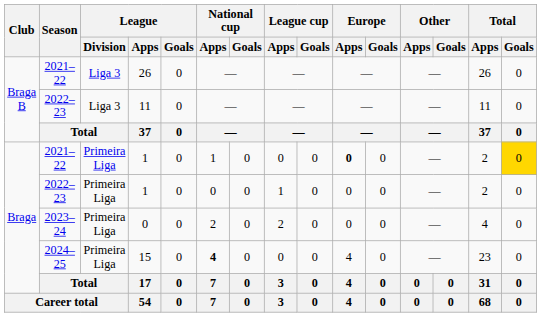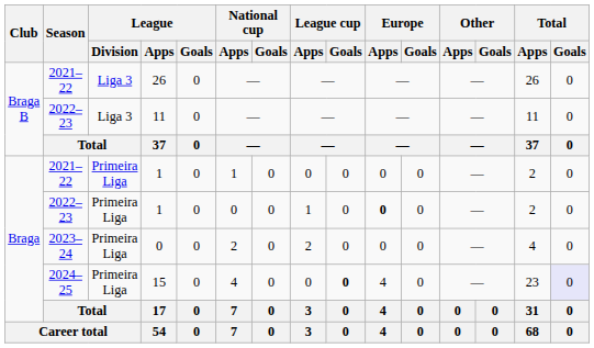 <table class="wikitable" style="text-align:center">
 <tr>
 <th rowspan="2">Club</th>
 <th rowspan="2">Season</th>
 <th colspan="3">League</th>
 <th colspan="2">National cup</th>
 <th colspan="2">League cup</th>
 <th colspan="2">Europe</th>
 <th colspan="2">Other</th>
 <th colspan="2">Total</th>
 </tr>
 <tr>
 <th>Division</th>
 <th>Apps</th>
 <th>Goals</th>
 <th>Apps</th>
 <th>Goals</th>
 <th>Apps</th>
 <th>Goals</th>
 <th>Apps</th>
 <th>Goals</th>
 <th>Apps</th>
 <th>Goals</th>
 <th>Apps</th>
 <th>Goals</th>
 </tr>
 <tr>
 <td rowspan="3"><a href='#'>Braga B</a></td>
 <td><a href='#'>2021–22</a></td>
 <td><a href='#'>Liga 3</a></td>
 <td>26</td>
 <td>0</td>
 <td colspan="2">—</td>
 <td colspan="2">—</td>
 <td colspan="2">—</td>
 <td colspan="2">—</td>
 <td>26</td>
 <td>0</td>
 </tr>
 <tr>
 <td><a href='#'>2022–23</a></td>
 <td>Liga 3</td>
 <td>11</td>
 <td>0</td>
 <td colspan="2">—</td>
 <td colspan="2">—</td>
 <td colspan="2">—</td>
 <td colspan="2">—</td>
 <td>11</td>
 <td>0</td>
 </tr>
 <tr>
 <th colspan="2">Total</th>
 <th>37</th>
 <th>0</th>
 <th colspan="2">—</th>
 <th colspan="2">—</th>
 <th colspan="2">—</th>
 <th colspan="2">—</th>
 <th>37</th>
 <th>0</th>
 </tr>
 <tr>
 <td rowspan="5"><a href='#'>Braga</a></td>
 <td><a href='#'>2021–22</a></td>
 <td><a href='#'>Primeira Liga</a></td>
 <td>1</td>
 <td>0</td>
 <td>1</td>
 <td>0</td>
 <td>0</td>
 <td>0</td>
-<td><strong>0</strong></td>
+<td>0</td>
 <td>0</td>
 <td colspan="2">—</td>
 <td>2</td>
-<td style="background: gold;">0</td>
+<td>0</td>
 </tr>
 <tr>
 <td><a href='#'>2022–23</a></td>
 <td>Primeira Liga</td>
 <td>1</td>
 <td>0</td>
 <td>0</td>
 <td>0</td>
 <td>1</td>
 <td>0</td>
-<td>0</td>
+<td><strong>0</strong></td>
 <td>0</td>
 <td colspan="2">—</td>
 <td>2</td>
 <td>0</td>
 </tr>
 <tr>
 <td><a href='#'>2023–24</a></td>
 <td>Primeira Liga</td>
 <td>0</td>
 <td>0</td>
 <td>2</td>
 <td>0</td>
 <td>2</td>
 <td>0</td>
 <td>0</td>
 <td>0</td>
 <td colspan="2">—</td>
 <td>4</td>
 <td>0</td>
 </tr>
 <tr>
 <td><a href='#'>2024–25</a></td>
 <td>Primeira Liga</td>
 <td>15</td>
 <td>0</td>
-<td><strong>4</strong></td>
+<td>4</td>
 <td>0</td>
 <td>0</td>
-<td>0</td>
+<td><strong>0</strong></td>
 <td>4</td>
 <td>0</td>
 <td colspan="2">—</td>
 <td>23</td>
-<td>0</td>
+<td style="background: lavender;">0</td>
 </tr>
 <tr>
 <th colspan="2">Total</th>
 <th>17</th>
 <th>0</th>
 <th>7</th>
 <th>0</th>
 <th>3</th>
 <th>0</th>
 <th>4</th>
 <th>0</th>
 <th>0</th>
 <th>0</th>
 <th>31</th>
 <th>0</th>
 </tr>
 <tr>
 <th colspan="3">Career total</th>
 <th>54</th>
 <th>0</th>
 <th>7</th>
 <th>0</th>
 <th>3</th>
 <th>0</th>
 <th>4</th>
 <th>0</th>
 <th>0</th>
 <th>0</th>
 <th>68</th>
 <th>0</th>
 </tr>
 </table>
